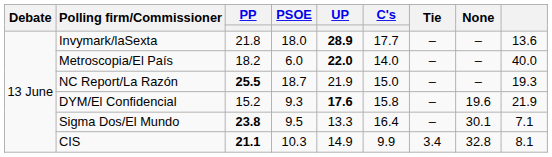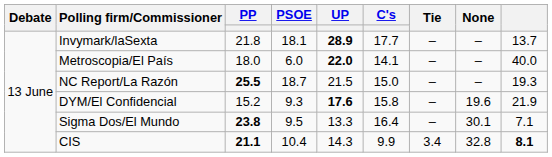 <table class="wikitable" style="font-size:90%; text-align:center;">
 <tr>
 <th rowspan="2">Debate</th>
 <th rowspan="2">Polling firm/Commissioner</th>
 <th style="width:45px;"><a href='#'>PP</a></th>
 <th style="width:45px;"><a href='#'>PSOE</a></th>
 <th style="width:45px;"><a href='#'>UP</a></th>
 <th style="width:45px;"><a href='#'>C's</a></th>
 <th style="width:45px;" rowspan="2">Tie</th>
 <th style="width:45px;" rowspan="2">None</th>
 <th style="width:45px;" rowspan="2"></th>
 </tr>
 <tr>
 <th style="color:inherit;background:"></th>
 <th style="color:inherit;background:"></th>
 <th style="color:inherit;background:"></th>
 <th style="color:inherit;background:"></th>
 </tr>
 <tr>
 <td rowspan="6" align="left">13 June</td>
 <td align="left">Invymark/laSexta</td>
 <td>21.8</td>
-<td>18.0</td>
+<td>18.1</td>
 <td><strong>28.9</strong></td>
 <td>17.7</td>
 <td>–</td>
 <td>–</td>
-<td>13.6</td>
+<td>13.7</td>
 </tr>
 <tr>
 <td align="left">Metroscopia/El País</td>
-<td>18.2</td>
+<td>18.0</td>
 <td>6.0</td>
 <td><strong>22.0</strong></td>
-<td>14.0</td>
+<td>14.1</td>
 <td>–</td>
 <td>–</td>
 <td>40.0</td>
 </tr>
 <tr>
 <td align="left">NC Report/La Razón</td>
 <td><strong>25.5</strong></td>
 <td>18.7</td>
-<td>21.9</td>
+<td>21.5</td>
 <td>15.0</td>
 <td>–</td>
 <td>–</td>
 <td>19.3</td>
 </tr>
 <tr>
 <td align="left">DYM/El Confidencial</td>
 <td>15.2</td>
 <td>9.3</td>
 <td><strong>17.6</strong></td>
 <td>15.8</td>
 <td>–</td>
 <td>19.6</td>
 <td>21.9</td>
 </tr>
 <tr>
 <td align="left">Sigma Dos/El Mundo</td>
 <td><strong>23.8</strong></td>
 <td>9.5</td>
 <td>13.3</td>
 <td>16.4</td>
 <td>–</td>
 <td>30.1</td>
 <td>7.1</td>
 </tr>
 <tr>
 <td align="left">CIS</td>
 <td><strong>21.1</strong></td>
-<td>10.3</td>
-<td>14.9</td>
+<td>10.4</td>
+<td>14.3</td>
 <td>9.9</td>
 <td>3.4</td>
 <td>32.8</td>
-<td>8.1</td>
+<td><strong>8.1</strong></td>
 </tr>
 </table>
